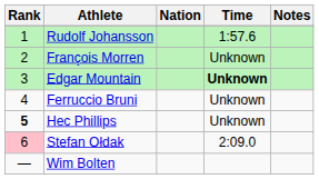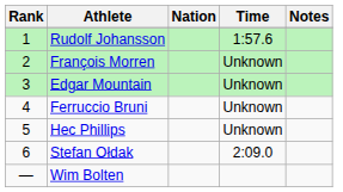 <table class="wikitable sortable" style="text-align:center">
 <tr>
 <th>Rank</th>
 <th>Athlete</th>
 <th>Nation</th>
 <th>Time</th>
 <th>Notes</th>
 </tr>
 <tr>
 </tr>
 <tr bgcolor=bbf3bb>
 <td>1</td>
 <td align=left><a href='#'>Rudolf Johansson</a></td>
 <td align=left></td>
 <td>1:57.6</td>
 <td></td>
 </tr>
 <tr bgcolor=bbf3bb>
 <td>2</td>
 <td align=left><a href='#'>François Morren</a></td>
 <td align=left></td>
 <td data-sort-value=2:00.0>Unknown</td>
 <td></td>
 </tr>
 <tr bgcolor=bbf3bb>
 <td>3</td>
 <td align=left><a href='#'>Edgar Mountain</a></td>
 <td align=left></td>
-<td data-sort-value=2:01.0><strong>Unknown</strong></td>
+<td data-sort-value=2:01.0>Unknown</td>
 <td></td>
 </tr>
 <tr>
 <td>4</td>
 <td align=left><a href='#'>Ferruccio Bruni</a></td>
 <td align=left></td>
 <td data-sort-value=2:02.0>Unknown</td>
 <td></td>
 </tr>
 <tr>
-<td><strong>5</strong></td>
+<td>5</td>
 <td align=left><a href='#'>Hec Phillips</a></td>
 <td align=left></td>
 <td data-sort-value=2:03.0>Unknown</td>
 <td></td>
 </tr>
 <tr>
-<td style="background: pink;">6</td>
+<td>6</td>
 <td align=left><a href='#'>Stefan Ołdak</a></td>
 <td align=left></td>
 <td>2:09.0</td>
 <td></td>
 </tr>
 <tr>
 <td data-sort-value=7>—</td>
 <td align=left><a href='#'>Wim Bolten</a></td>
 <td align=left></td>
 <td></td>
 <td></td>
 </tr>
 </table>
